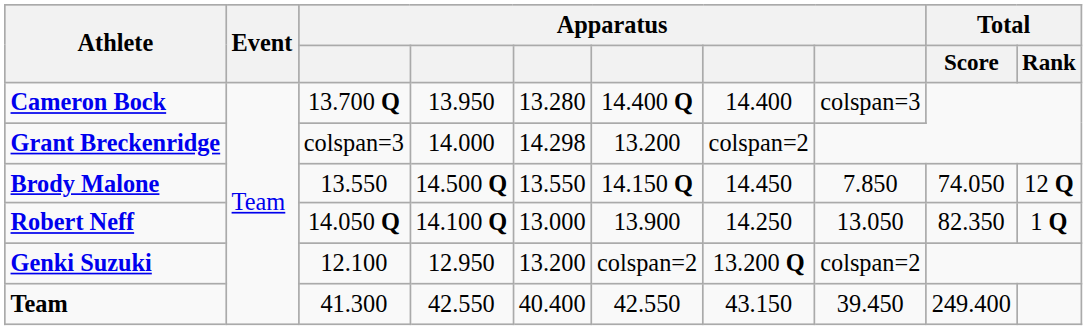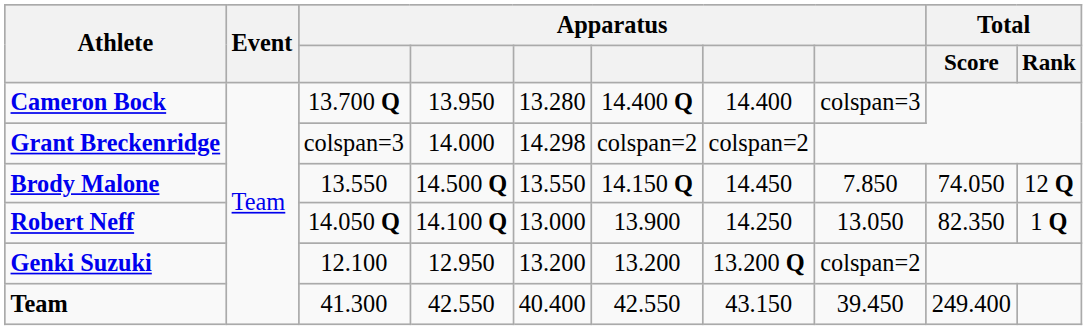 <table class=wikitable style=font-size:90%;text-align:center>
 <tr>
 <th rowspan=2>Athlete</th>
 <th rowspan=2>Event</th>
 <th colspan=6>Apparatus</th>
 <th colspan=2>Total</th>
 </tr>
 <tr style=font-size:95%>
 <th></th>
 <th></th>
 <th></th>
 <th></th>
 <th></th>
 <th></th>
 <th>Score</th>
 <th>Rank</th>
 </tr>
 <tr>
 <td align=left><strong><a href='#'>Cameron Bock</a></strong></td>
 <td align=left rowspan=6><a href='#'>Team</a></td>
 <td>13.700 <strong>Q</strong></td>
 <td>13.950</td>
 <td>13.280</td>
 <td>14.400 <strong>Q</strong></td>
 <td>14.400</td>
 <td>colspan=3 </td>
 </tr>
 <tr>
 <td align=left><strong><a href='#'>Grant Breckenridge</a></strong></td>
 <td>colspan=3 </td>
 <td>14.000</td>
 <td>14.298</td>
-<td>13.200</td>
+<td>colspan=2 </td>
 <td>colspan=2 </td>
 </tr>
 <tr>
 <td align=left><strong><a href='#'>Brody Malone</a></strong></td>
 <td>13.550</td>
 <td>14.500 <strong>Q</strong></td>
 <td>13.550</td>
 <td>14.150 <strong>Q</strong></td>
 <td>14.450</td>
 <td>7.850</td>
 <td>74.050</td>
 <td>12 <strong>Q</strong></td>
 </tr>
 <tr>
 <td align=left><strong><a href='#'>Robert Neff</a></strong></td>
 <td>14.050 <strong>Q</strong></td>
 <td>14.100 <strong>Q</strong></td>
 <td>13.000</td>
 <td>13.900</td>
 <td>14.250</td>
 <td>13.050</td>
 <td>82.350</td>
 <td>1 <strong>Q</strong></td>
 </tr>
 <tr>
 <td align=left><strong><a href='#'>Genki Suzuki</a></strong></td>
 <td>12.100</td>
 <td>12.950</td>
 <td>13.200</td>
-<td>colspan=2 </td>
+<td>13.200</td>
 <td>13.200 <strong>Q</strong></td>
 <td>colspan=2 </td>
 </tr>
 <tr>
 <td align=left><strong>Team</strong></td>
 <td>41.300</td>
 <td>42.550</td>
 <td>40.400</td>
 <td>42.550</td>
 <td>43.150</td>
 <td>39.450</td>
 <td>249.400</td>
 <td></td>
 </tr>
 </table>
